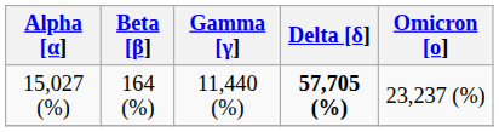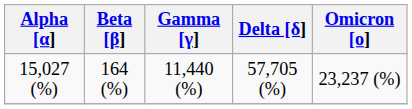 <table class="wikitable" style="text-align:center;" width="28%">
 <tr>
 <th><a href='#'>Alpha [α</a>]</th>
 <th><a href='#'>Beta [β</a>]</th>
 <th><a href='#'>Gamma [γ</a>]</th>
 <th><a href='#'>Delta [δ</a>]</th>
 <th><a href='#'>Omicron [ο</a>]</th>
 </tr>
 <tr>
 <td>15,027 (%)</td>
 <td>164 (%)</td>
 <td>11,440 (%)</td>
-<td><strong>57,705 (%)</strong></td>
+<td>57,705 (%)</td>
 <td>23,237 (%)</td>
 </tr>
 <tr>
 </tr>
 </table>
